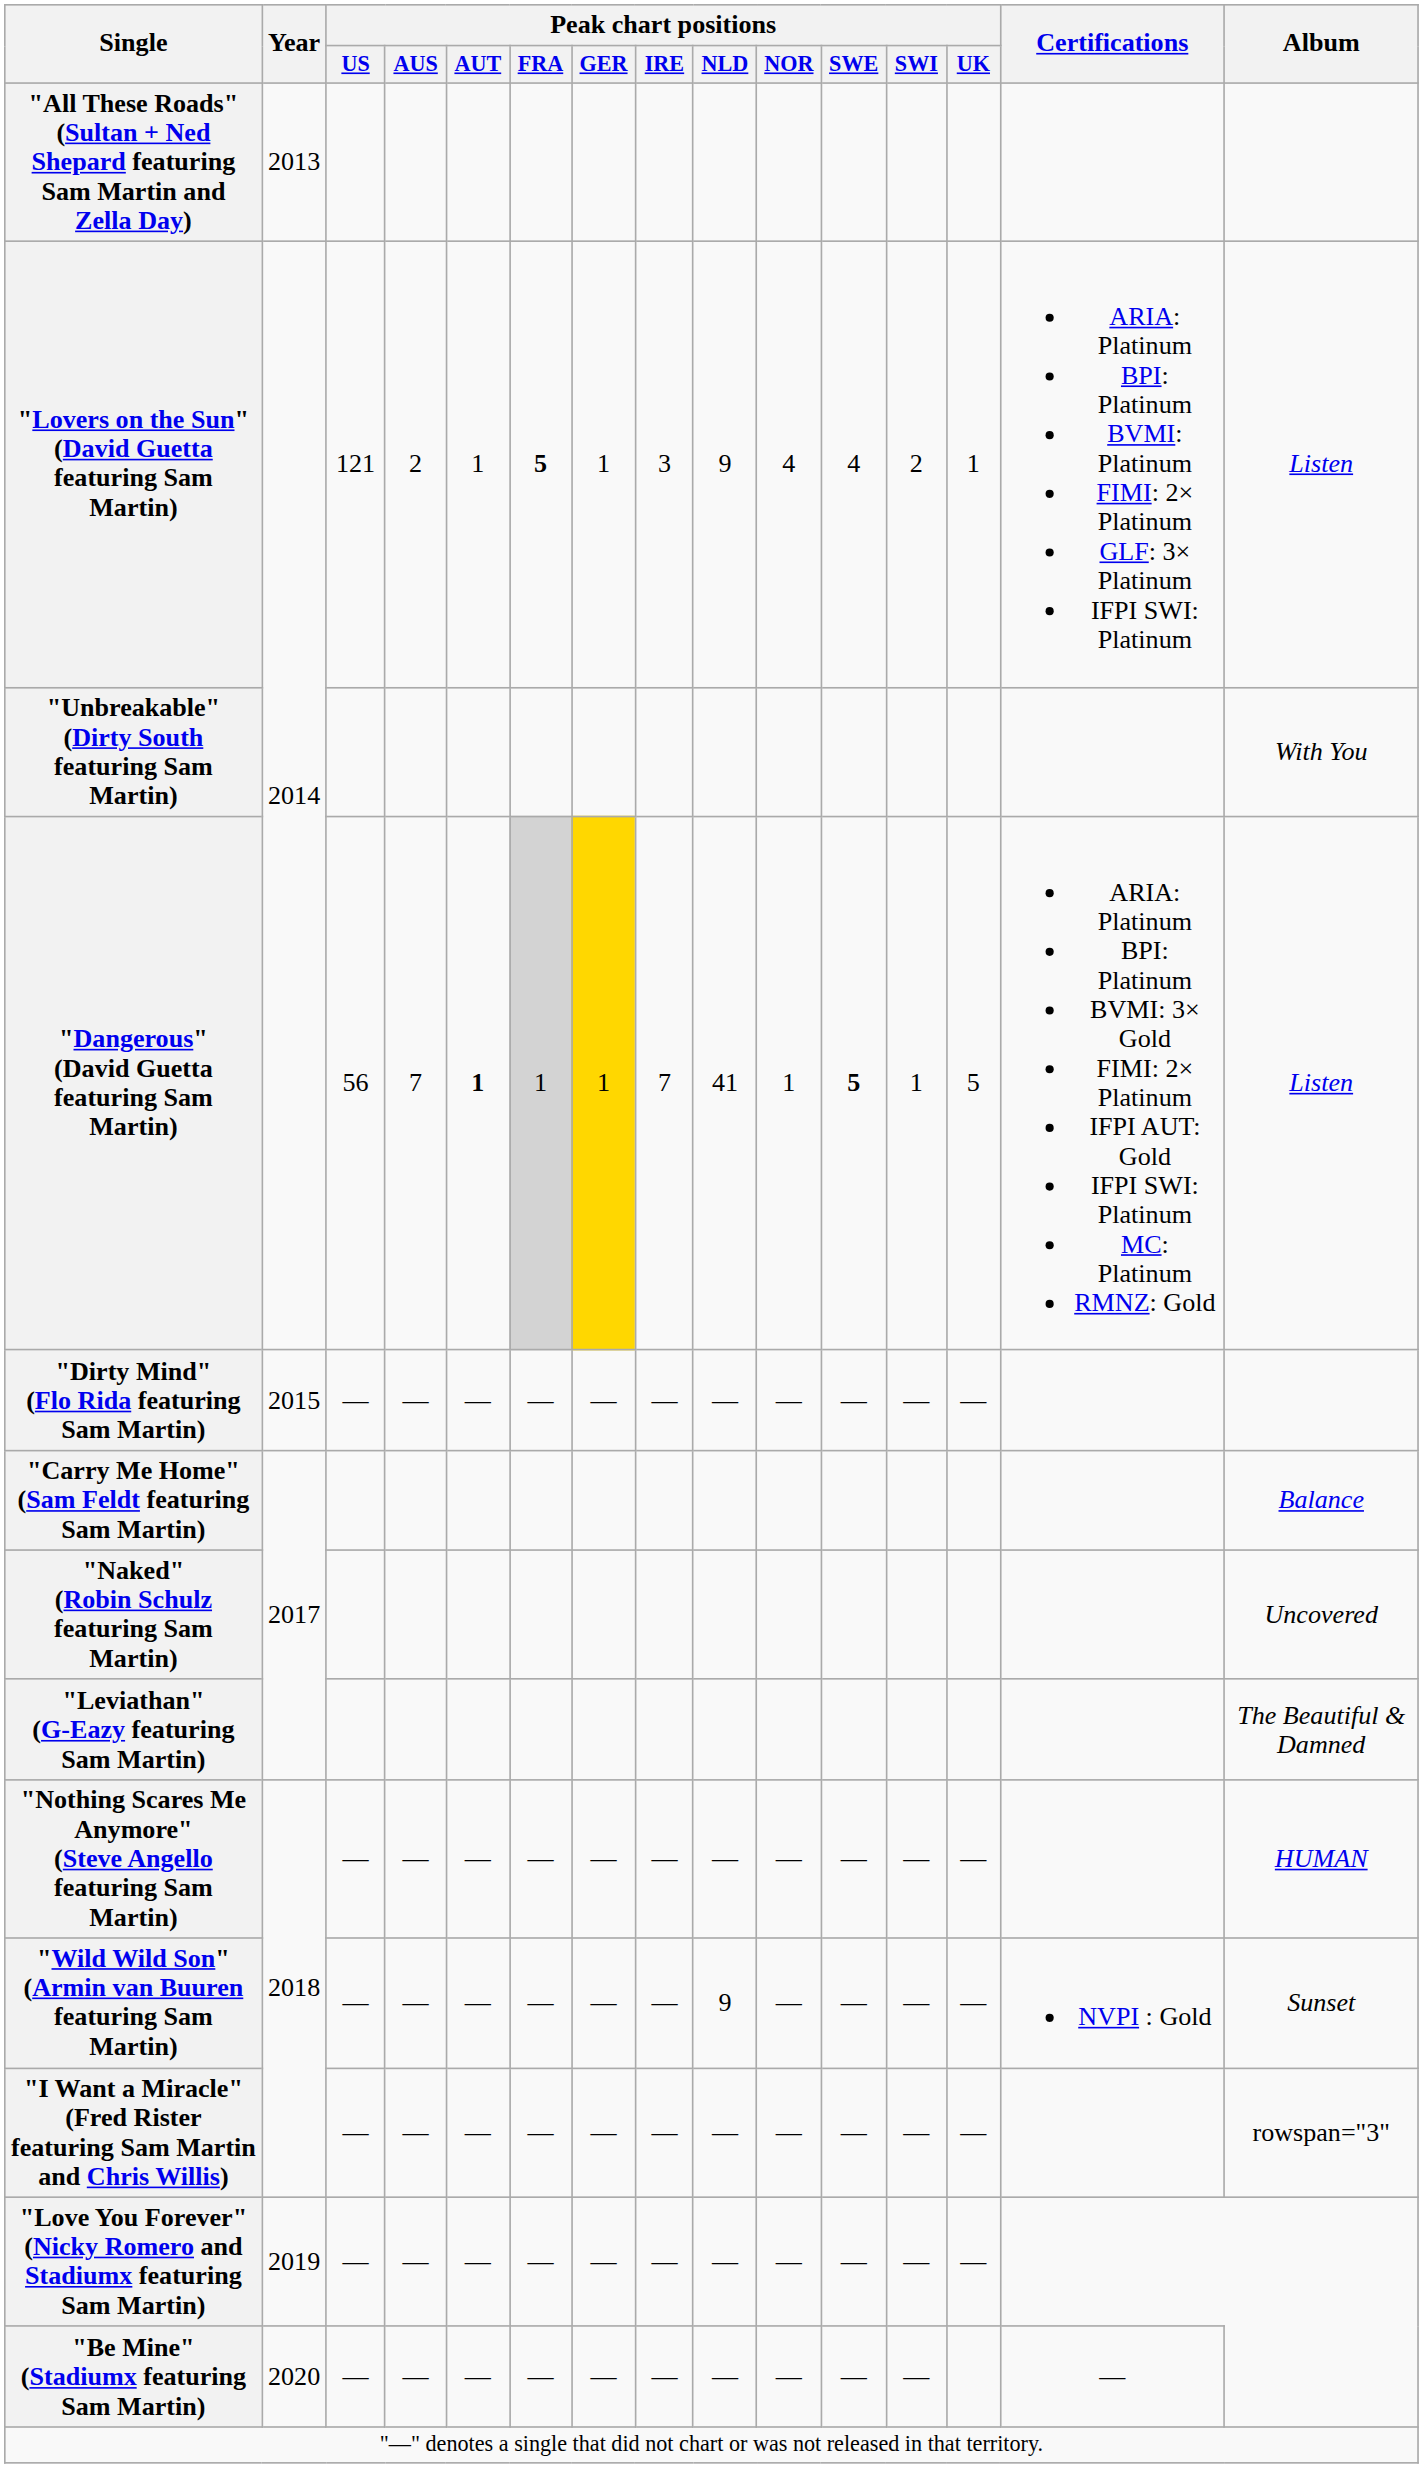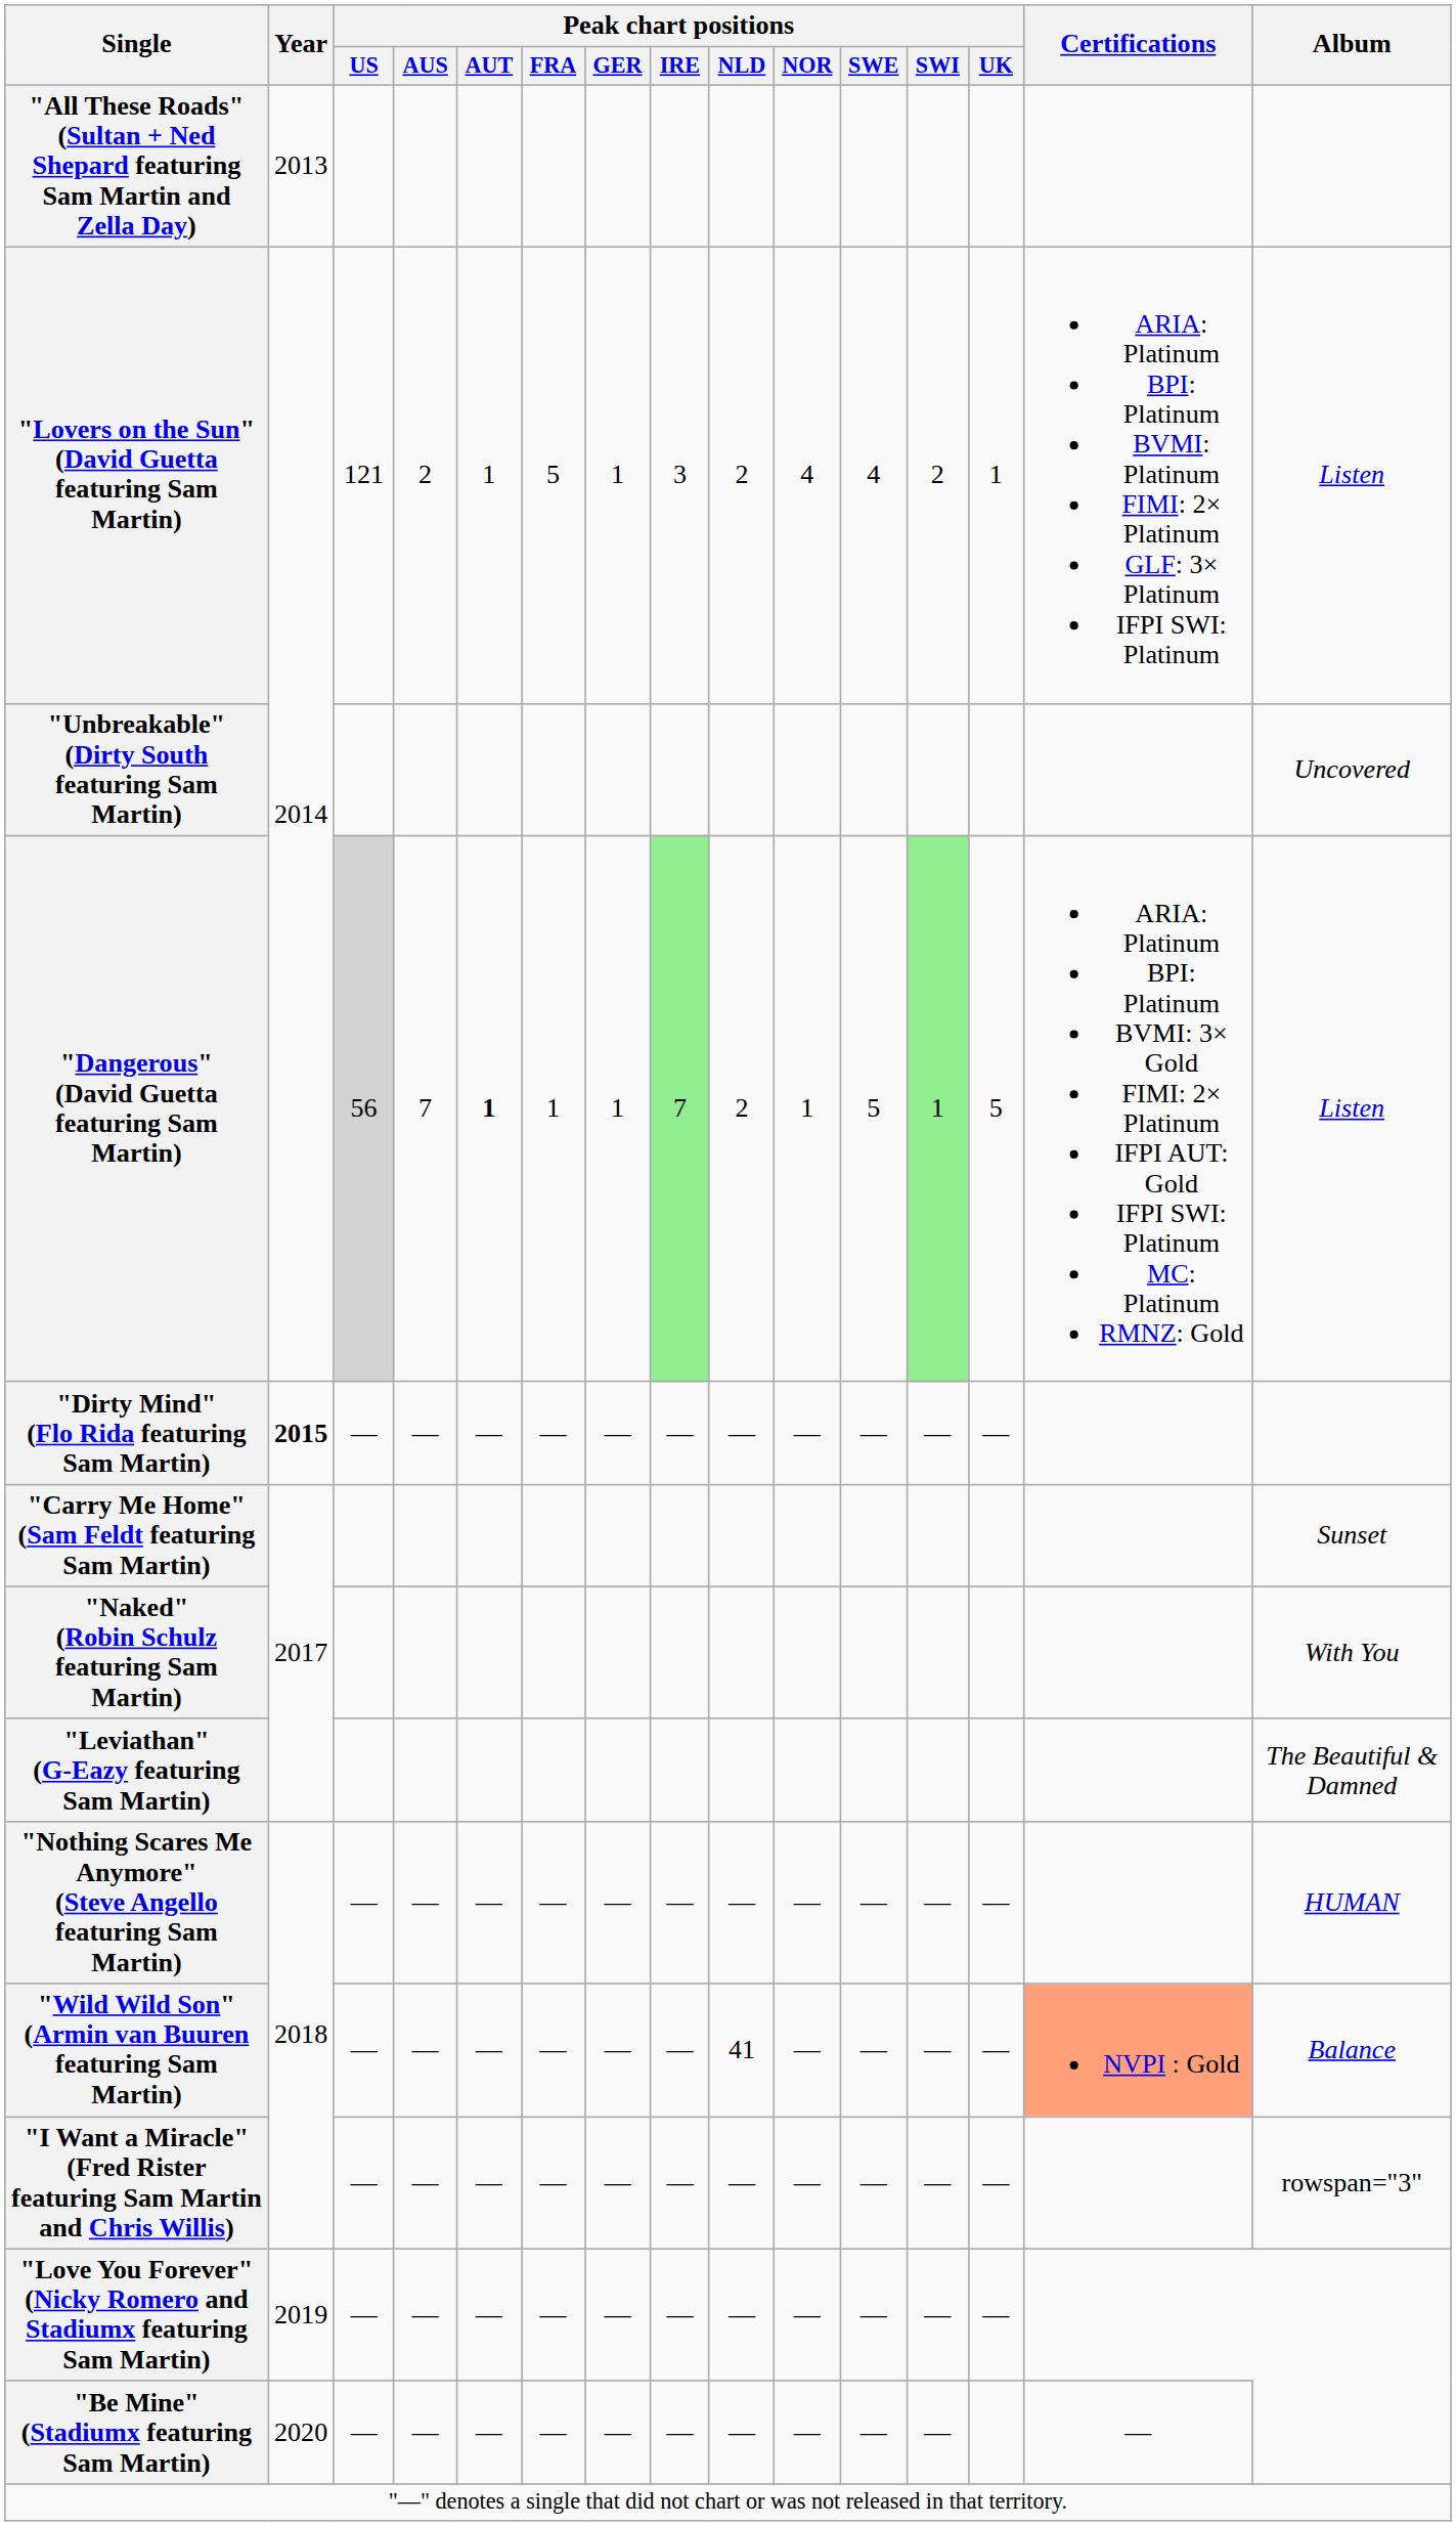 <table class="wikitable plainrowheaders" style="text-align:center;">
 <tr>
 <th scope="col" rowspan="2" style="width:16em;">Single</th>
 <th scope="col" rowspan="2" style="width:1em;">Year</th>
 <th scope="col" colspan="11">Peak chart positions</th>
 <th scope="col" rowspan="2" style="width:13em;"><a href='#'>Certifications</a></th>
 <th scope="col" rowspan="2" style="width:11em;">Album</th>
 </tr>
 <tr>
 <th scope="col" style="width:3em;font-size:85%;"><a href='#'>US</a><br></th>
 <th scope="col" style="width:3em;font-size:85%;"><a href='#'>AUS</a><br></th>
 <th scope="col" style="width:3em;font-size:85%;"><a href='#'>AUT</a><br></th>
 <th scope="col" style="width:3em;font-size:85%;"><a href='#'>FRA</a><br></th>
 <th scope="col" style="width:3em;font-size:85%;"><a href='#'>GER</a><br></th>
 <th scope="col" style="width:3em;font-size:85%;"><a href='#'>IRE</a><br></th>
 <th scope="col" style="width:3em;font-size:85%;"><a href='#'>NLD</a><br></th>
 <th scope="col" style="width:3em;font-size:85%;"><a href='#'>NOR</a><br></th>
 <th scope="col" style="width:3em;font-size:85%;"><a href='#'>SWE</a><br></th>
 <th scope="col" style="width:3em;font-size:85%;"><a href='#'>SWI</a><br></th>
 <th scope="col" style="width:3em;font-size:85%;"><a href='#'>UK</a><br></th>
 </tr>
 <tr>
 <th scope="row">"All These Roads"<br><span>(<a href='#'>Sultan + Ned Shepard</a> featuring Sam Martin and <a href='#'>Zella Day</a>)</span></th>
 <td>2013</td>
 <td></td>
 <td></td>
 <td></td>
 <td></td>
 <td></td>
 <td></td>
 <td></td>
 <td></td>
 <td></td>
 <td></td>
 <td></td>
 <td></td>
 <td></td>
 </tr>
 <tr>
 <th scope="row">"<a href='#'>Lovers on the Sun</a>"<br><span>(<a href='#'>David Guetta</a> featuring Sam Martin)</span></th>
 <td rowspan="3">2014</td>
 <td>121</td>
 <td>2</td>
 <td>1</td>
-<td><strong>5</strong></td>
+<td>5</td>
 <td>1</td>
 <td>3</td>
-<td>9</td>
+<td>2</td>
 <td>4</td>
 <td>4</td>
 <td>2</td>
 <td>1</td>
 <td><br><ul><li><a href='#'>ARIA</a>: Platinum</li><li><a href='#'>BPI</a>: Platinum</li><li><a href='#'>BVMI</a>: Platinum</li><li><a href='#'>FIMI</a>: 2× Platinum</li><li><a href='#'>GLF</a>: 3× Platinum</li><li>IFPI SWI: Platinum</li></ul></td>
 <td><em><a href='#'>Listen</a></em></td>
 </tr>
 <tr>
 <th scope="row">"Unbreakable"<br><span>(<a href='#'>Dirty South</a> featuring Sam Martin)</span></th>
 <td></td>
 <td></td>
 <td></td>
 <td></td>
 <td></td>
 <td></td>
 <td></td>
 <td></td>
 <td></td>
 <td></td>
 <td></td>
 <td></td>
-<td><em>With You</em></td>
+<td><em>Uncovered</em></td>
 </tr>
 <tr>
 <th scope="row">"<a href='#'>Dangerous</a>"<br><span>(David Guetta featuring Sam Martin)</span></th>
-<td>56</td>
+<td style="background: lightgrey;">56</td>
 <td>7</td>
 <td><strong>1</strong></td>
-<td style="background: lightgrey;">1</td>
-<td style="background: gold;">1</td>
-<td>7</td>
-<td>41</td>
 <td>1</td>
-<td><strong>5</strong></td>
 <td>1</td>
+<td style="background: lightgreen;">7</td>
+<td>2</td>
+<td>1</td>
+<td>5</td>
+<td style="background: lightgreen;">1</td>
 <td>5</td>
 <td><br><ul><li>ARIA: Platinum</li><li>BPI: Platinum</li><li>BVMI: 3× Gold</li><li>FIMI: 2× Platinum</li><li>IFPI AUT: Gold</li><li>IFPI SWI: Platinum</li><li><a href='#'>MC</a>: Platinum</li><li><a href='#'>RMNZ</a>: Gold</li></ul></td>
 <td><em><a href='#'>Listen</a></em></td>
 </tr>
 <tr>
 <th scope="row">"Dirty Mind"<br><span>(<a href='#'>Flo Rida</a> featuring Sam Martin)</span></th>
-<td>2015</td>
+<td><strong>2015</strong></td>
 <td>—</td>
 <td>—</td>
 <td>—</td>
 <td>—</td>
 <td>—</td>
 <td>—</td>
 <td>—</td>
 <td>—</td>
 <td>—</td>
 <td>—</td>
 <td>—</td>
 <td></td>
 <td></td>
 </tr>
 <tr>
 <th scope="row">"Carry Me Home"<br><span>(<a href='#'>Sam Feldt</a> featuring Sam Martin)</span></th>
 <td rowspan="3">2017</td>
 <td></td>
 <td></td>
 <td></td>
 <td></td>
 <td></td>
 <td></td>
 <td></td>
 <td></td>
 <td></td>
 <td></td>
 <td></td>
 <td></td>
-<td><em><a href='#'>Balance</a></em></td>
+<td><em>Sunset</em></td>
 </tr>
 <tr>
 <th scope="row">"Naked"<br><span>(<a href='#'>Robin Schulz</a> featuring Sam Martin)</span></th>
 <td></td>
 <td></td>
 <td></td>
 <td></td>
 <td></td>
 <td></td>
 <td></td>
 <td></td>
 <td></td>
 <td></td>
 <td></td>
 <td></td>
-<td><em>Uncovered</em></td>
+<td><em>With You</em></td>
 </tr>
 <tr>
 <th scope="row">"Leviathan"<br><span>(<a href='#'>G-Eazy</a> featuring Sam Martin)</span></th>
 <td></td>
 <td></td>
 <td></td>
 <td></td>
 <td></td>
 <td></td>
 <td></td>
 <td></td>
 <td></td>
 <td></td>
 <td></td>
 <td></td>
 <td><em>The Beautiful & Damned</em></td>
 </tr>
 <tr>
 <th scope="row">"Nothing Scares Me Anymore"<br><span>(<a href='#'>Steve Angello</a> featuring Sam Martin)</span></th>
 <td rowspan="3">2018</td>
 <td>—</td>
 <td>—</td>
 <td>—</td>
 <td>—</td>
 <td>—</td>
 <td>—</td>
 <td>—</td>
 <td>—</td>
 <td>—</td>
 <td>—</td>
 <td>—</td>
 <td></td>
 <td><em><a href='#'>HUMAN</a></em></td>
 </tr>
 <tr>
 <th scope="row">"<a href='#'>Wild Wild Son</a>"<br><span>(<a href='#'>Armin van Buuren</a> featuring Sam Martin)</span></th>
 <td>—</td>
 <td>—</td>
 <td>—</td>
 <td>—</td>
 <td>—</td>
 <td>—</td>
-<td>9</td>
+<td>41</td>
 <td>—</td>
 <td>—</td>
 <td>—</td>
 <td>—</td>
-<td><br><ul><li><a href='#'>NVPI</a> : Gold</li></ul></td>
-<td><em>Sunset</em></td>
+<td style="background: lightsalmon;"><br><ul><li><a href='#'>NVPI</a> : Gold</li></ul></td>
+<td><em><a href='#'>Balance</a></em></td>
 </tr>
 <tr>
 <th scope="row">"I Want a Miracle"<br><span>(Fred Rister featuring Sam Martin and <a href='#'>Chris Willis</a>)</span></th>
 <td>—</td>
 <td>—</td>
 <td>—</td>
 <td>—</td>
 <td>—</td>
 <td>—</td>
 <td>—</td>
 <td>—</td>
 <td>—</td>
 <td>—</td>
 <td>—</td>
 <td></td>
 <td>rowspan="3" </td>
 </tr>
 <tr>
 <th scope="row">"Love You Forever"<br><span>(<a href='#'>Nicky Romero</a> and <a href='#'>Stadiumx</a> featuring Sam Martin)</span></th>
 <td>2019</td>
 <td>—</td>
 <td>—</td>
 <td>—</td>
 <td>—</td>
 <td>—</td>
 <td>—</td>
 <td>—</td>
 <td>—</td>
 <td>—</td>
 <td>—</td>
 <td>—</td>
 </tr>
 <tr>
 <th scope="row">"Be Mine"<br><span>(<a href='#'>Stadiumx</a> featuring Sam Martin)</span></th>
 <td>2020</td>
 <td>—</td>
 <td>—</td>
 <td>—</td>
 <td>—</td>
 <td>—</td>
 <td>—</td>
 <td>—</td>
 <td>—</td>
 <td>—</td>
 <td>—</td>
 <td></td>
 <td>—</td>
 </tr>
 <tr>
 <td colspan="18" style="font-size:85%">"—" denotes a single that did not chart or was not released in that territory.</td>
 </tr>
 </table>
